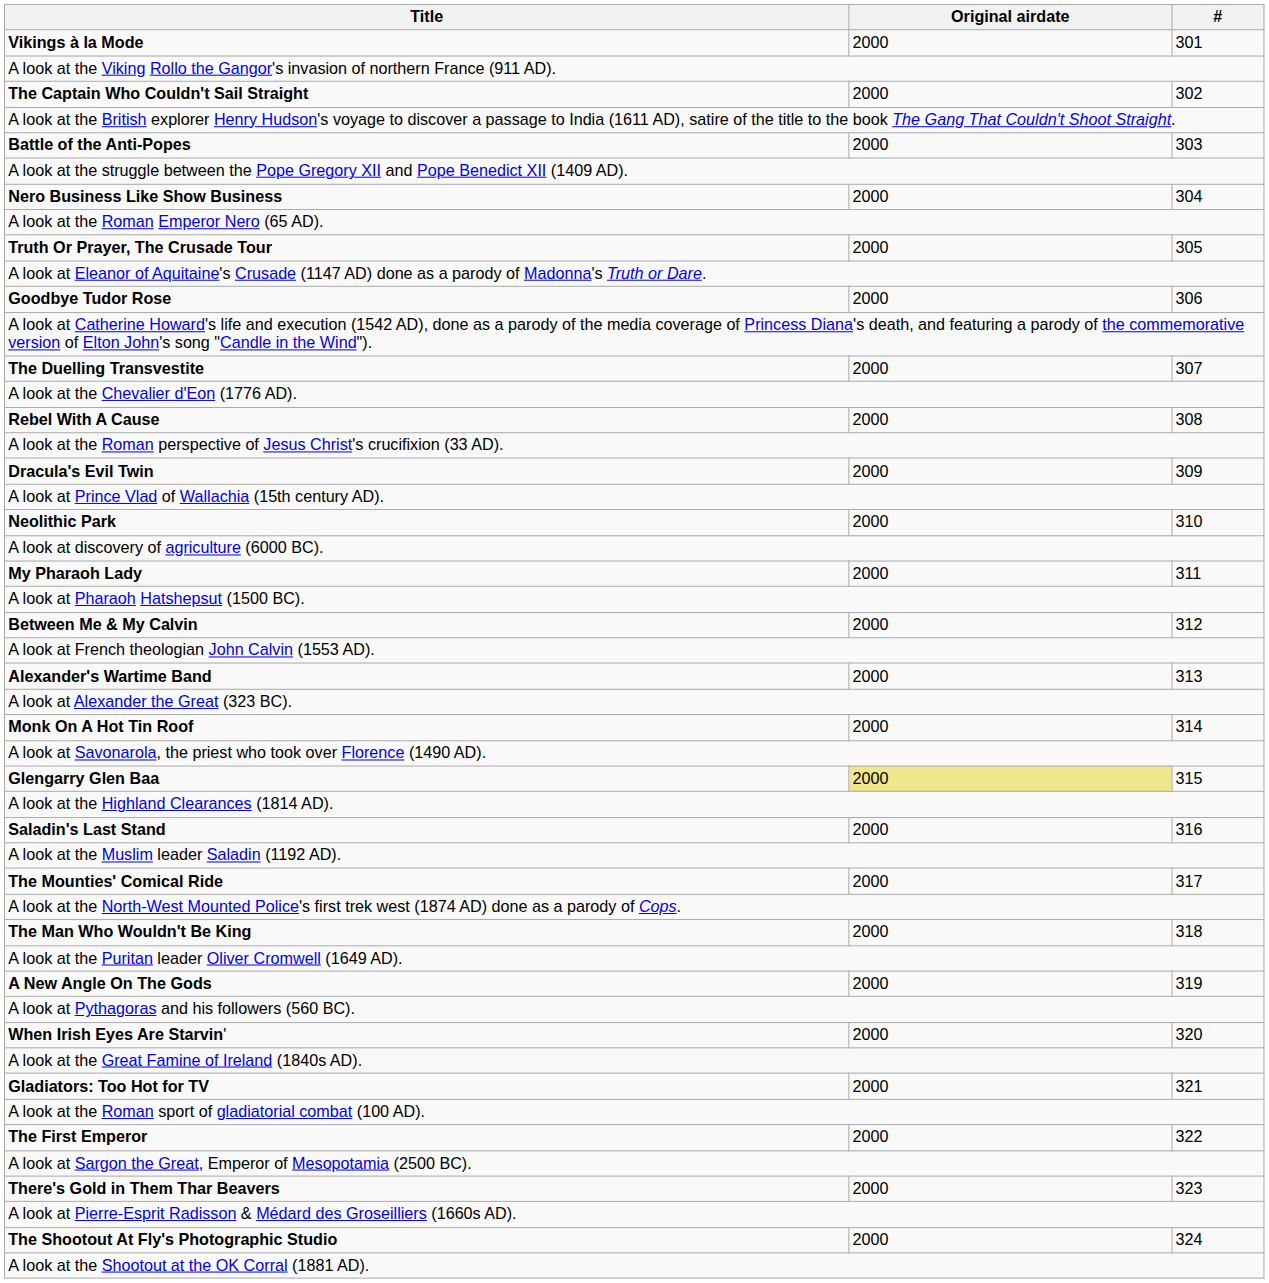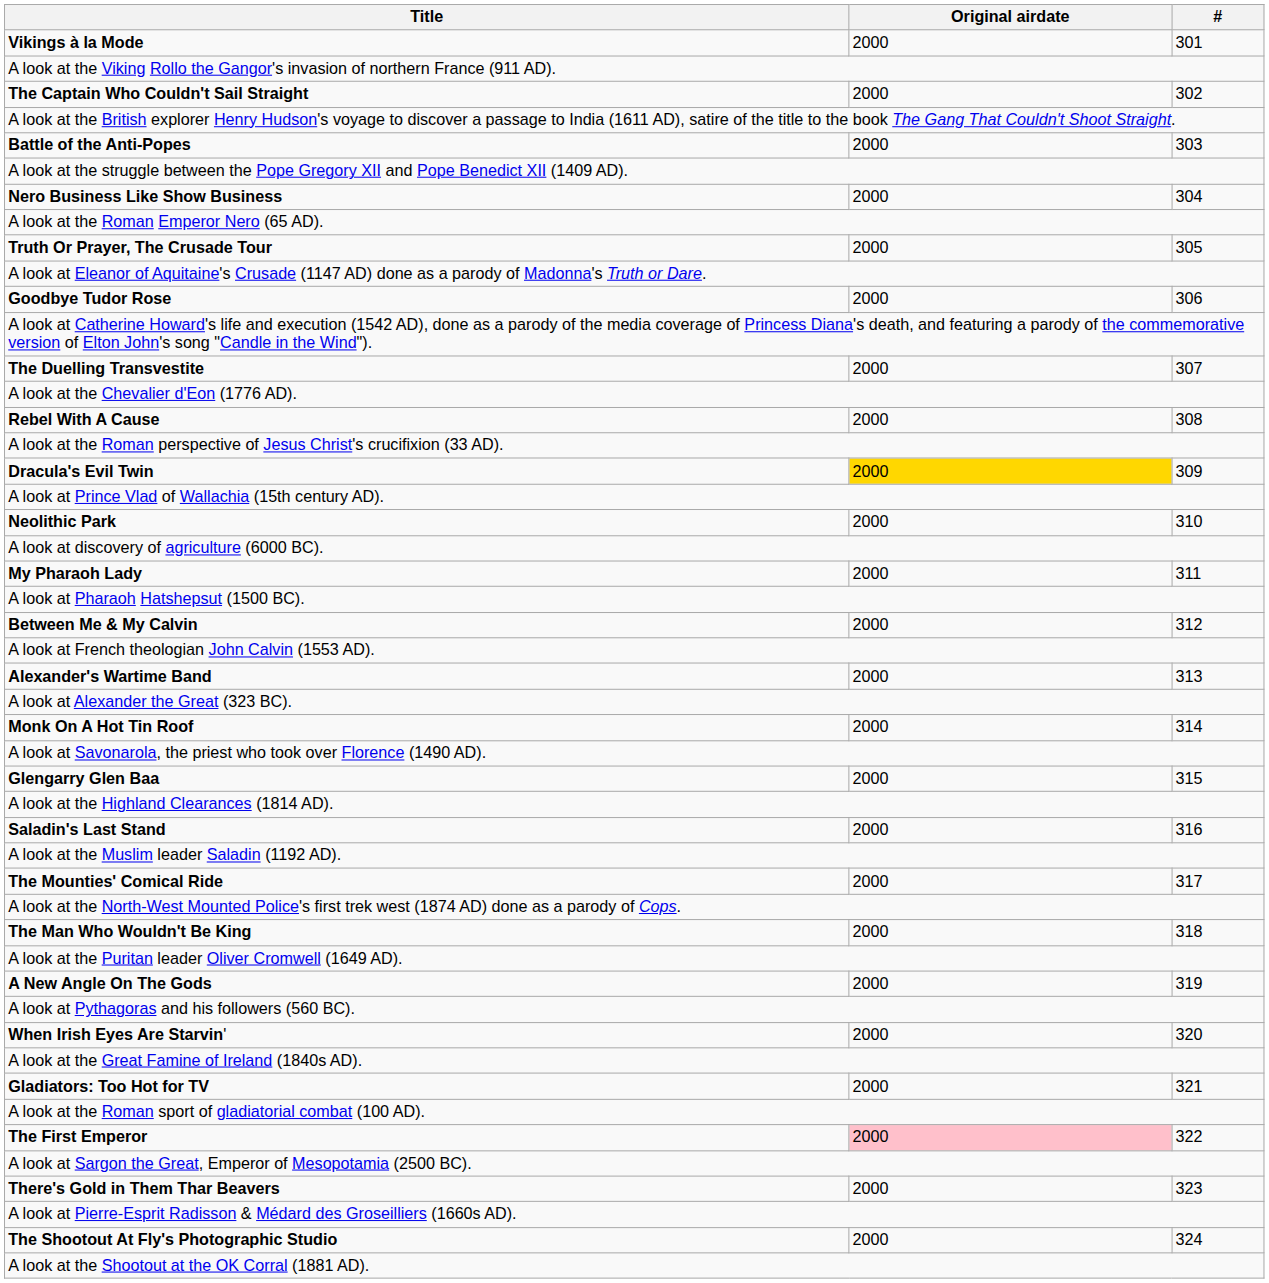 <table class="wikitable">
 <tr>
 <th>Title</th>
 <th>Original airdate</th>
 <th>#</th>
 </tr>
 <tr>
 <td><strong>Vikings à la Mode</strong></td>
 <td>2000</td>
 <td>301</td>
 </tr>
 <tr>
 <td colspan="6">A look at the <a href='#'>Viking</a> <a href='#'>Rollo the Gangor</a>'s invasion of northern France (911 AD).</td>
 </tr>
 <tr>
 <td><strong>The Captain Who Couldn't Sail Straight</strong></td>
 <td>2000</td>
 <td>302</td>
 </tr>
 <tr>
 <td colspan="6">A look at the <a href='#'>British</a> explorer <a href='#'>Henry Hudson</a>'s voyage to discover a passage to India (1611 AD), satire of the title to the book <em><a href='#'>The Gang That Couldn't Shoot Straight</a></em>.</td>
 </tr>
 <tr>
 <td><strong>Battle of the Anti-Popes</strong></td>
 <td>2000</td>
 <td>303</td>
 </tr>
 <tr>
 <td colspan="6">A look at the struggle between the <a href='#'>Pope Gregory XII</a> and <a href='#'>Pope Benedict XII</a> (1409 AD).</td>
 </tr>
 <tr>
 <td><strong>Nero Business Like Show Business</strong></td>
 <td>2000</td>
 <td>304</td>
 </tr>
 <tr>
 <td colspan="6">A look at the <a href='#'>Roman</a> <a href='#'>Emperor Nero</a> (65 AD).</td>
 </tr>
 <tr>
 <td><strong>Truth Or Prayer, The Crusade Tour</strong></td>
 <td>2000</td>
 <td>305</td>
 </tr>
 <tr>
 <td colspan="6">A look at <a href='#'>Eleanor of Aquitaine</a>'s <a href='#'>Crusade</a> (1147 AD) done as a parody of <a href='#'>Madonna</a>'s <em><a href='#'>Truth or Dare</a></em>.</td>
 </tr>
 <tr>
 <td><strong>Goodbye Tudor Rose</strong></td>
 <td>2000</td>
 <td>306</td>
 </tr>
 <tr>
 <td colspan="6">A look at <a href='#'>Catherine Howard</a>'s life and execution (1542 AD), done as a parody of the media coverage of <a href='#'>Princess Diana</a>'s death, and featuring a parody of <a href='#'>the commemorative version</a> of <a href='#'>Elton John</a>'s song "<a href='#'>Candle in the Wind</a>").</td>
 </tr>
 <tr>
 <td><strong>The Duelling Transvestite</strong></td>
 <td>2000</td>
 <td>307</td>
 </tr>
 <tr>
 <td colspan="6">A look at the <a href='#'>Chevalier d'Eon</a> (1776 AD).</td>
 </tr>
 <tr>
 <td><strong>Rebel With A Cause</strong></td>
 <td>2000</td>
 <td>308</td>
 </tr>
 <tr>
 <td colspan="6">A look at the <a href='#'>Roman</a> perspective of <a href='#'>Jesus Christ</a>'s crucifixion (33 AD).</td>
 </tr>
 <tr>
 <td><strong>Dracula's Evil Twin</strong></td>
-<td>2000</td>
+<td style="background: gold;">2000</td>
 <td>309</td>
 </tr>
 <tr>
 <td colspan="6">A look at <a href='#'>Prince Vlad</a> of <a href='#'>Wallachia</a> (15th century AD).</td>
 </tr>
 <tr>
 <td><strong>Neolithic Park</strong></td>
 <td>2000</td>
 <td>310</td>
 </tr>
 <tr>
 <td colspan="6">A look at discovery of <a href='#'>agriculture</a> (6000 BC).</td>
 </tr>
 <tr>
 <td><strong>My Pharaoh Lady</strong></td>
 <td>2000</td>
 <td>311</td>
 </tr>
 <tr>
 <td colspan="6">A look at <a href='#'>Pharaoh</a> <a href='#'>Hatshepsut</a> (1500 BC).</td>
 </tr>
 <tr>
 <td><strong>Between Me & My Calvin</strong></td>
 <td>2000</td>
 <td>312</td>
 </tr>
 <tr>
 <td colspan="6">A look at French theologian <a href='#'>John Calvin</a> (1553 AD).</td>
 </tr>
 <tr>
 <td><strong>Alexander's Wartime Band</strong></td>
 <td>2000</td>
 <td>313</td>
 </tr>
 <tr>
 <td colspan="6">A look at <a href='#'>Alexander the Great</a> (323 BC).</td>
 </tr>
 <tr>
 <td><strong>Monk On A Hot Tin Roof</strong></td>
 <td>2000</td>
 <td>314</td>
 </tr>
 <tr>
 <td colspan="6">A look at <a href='#'>Savonarola</a>, the priest who took over <a href='#'>Florence</a> (1490 AD).</td>
 </tr>
 <tr>
 <td><strong>Glengarry Glen Baa</strong></td>
-<td style="background: khaki;">2000</td>
+<td>2000</td>
 <td>315</td>
 </tr>
 <tr>
 <td colspan="6">A look at the <a href='#'>Highland Clearances</a> (1814 AD).</td>
 </tr>
 <tr>
 <td><strong>Saladin's Last Stand</strong></td>
 <td>2000</td>
 <td>316</td>
 </tr>
 <tr>
 <td colspan="6">A look at the <a href='#'>Muslim</a> leader <a href='#'>Saladin</a> (1192 AD).</td>
 </tr>
 <tr>
 <td><strong>The Mounties' Comical Ride</strong></td>
 <td>2000</td>
 <td>317</td>
 </tr>
 <tr>
 <td colspan="6">A look at the <a href='#'>North-West Mounted Police</a>'s first trek west (1874 AD) done as a parody of <em><a href='#'>Cops</a></em>.</td>
 </tr>
 <tr>
 <td><strong>The Man Who Wouldn't Be King</strong></td>
 <td>2000</td>
 <td>318</td>
 </tr>
 <tr>
 <td colspan="6">A look at the <a href='#'>Puritan</a> leader <a href='#'>Oliver Cromwell</a> (1649 AD).</td>
 </tr>
 <tr>
 <td><strong>A New Angle On The Gods</strong></td>
 <td>2000</td>
 <td>319</td>
 </tr>
 <tr>
 <td colspan="6">A look at <a href='#'>Pythagoras</a> and his followers (560 BC).</td>
 </tr>
 <tr>
 <td><strong>When Irish Eyes Are Starvin</strong>'</td>
 <td>2000</td>
 <td>320</td>
 </tr>
 <tr>
 <td colspan="6">A look at the <a href='#'>Great Famine of Ireland</a> (1840s AD).</td>
 </tr>
 <tr>
 <td><strong>Gladiators: Too Hot for TV</strong></td>
 <td>2000</td>
 <td>321</td>
 </tr>
 <tr>
 <td colspan="6">A look at the <a href='#'>Roman</a> sport of <a href='#'>gladiatorial combat</a> (100 AD).</td>
 </tr>
 <tr>
 <td><strong>The First Emperor</strong></td>
-<td>2000</td>
+<td style="background: pink;">2000</td>
 <td>322</td>
 </tr>
 <tr>
 <td colspan="6">A look at <a href='#'>Sargon the Great</a>, Emperor of <a href='#'>Mesopotamia</a> (2500 BC).</td>
 </tr>
 <tr>
 <td><strong>There's Gold in Them Thar Beavers</strong></td>
 <td>2000</td>
 <td>323</td>
 </tr>
 <tr>
 <td colspan="6">A look at <a href='#'>Pierre-Esprit Radisson</a> & <a href='#'>Médard des Groseilliers</a> (1660s AD).</td>
 </tr>
 <tr>
 <td><strong>The Shootout At Fly's Photographic Studio</strong></td>
 <td>2000</td>
 <td>324</td>
 </tr>
 <tr>
 <td colspan="6">A look at the <a href='#'>Shootout at the OK Corral</a> (1881 AD).</td>
 </tr>
 </table>
